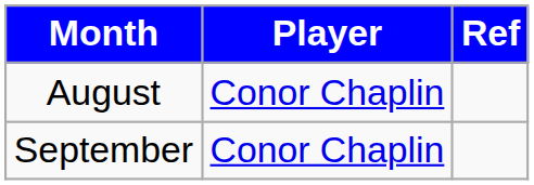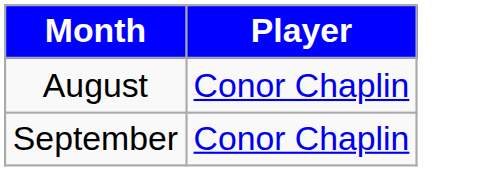 <table class="wikitable" style="text-align:center">
 <tr>
 <th style="background:blue; color:white; width=0%">Month</th>
 <th style="background:blue; color:white; width=0%">Player</th>
-<th style="background:blue; color:white; width=0%">Ref</th>
 </tr>
 <tr>
 <td>August</td>
 <td> <a href='#'>Conor Chaplin</a></td>
-<td></td>
 </tr>
 <tr>
 <td>September</td>
 <td> <a href='#'>Conor Chaplin</a></td>
-<td></td>
 </tr>
 </table>
